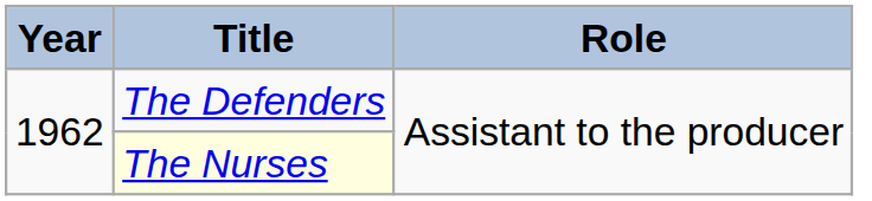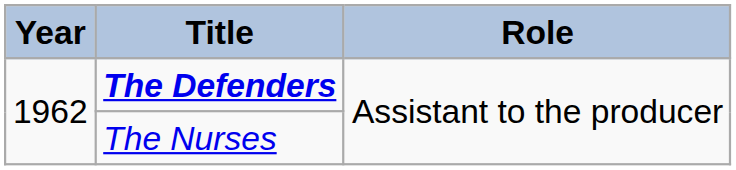 <table class="wikitable" style="font-size:95%;">
 <tr>
 <th style="background:#B0C4DE;">Year</th>
 <th style="background:#B0C4DE;">Title</th>
 <th style="background:#B0C4DE;">Role</th>
 </tr>
 <tr>
 <td rowspan=2>1962</td>
-<td><em><a href='#'>The Defenders</a></em></td>
+<td><strong><em><a href='#'>The Defenders</a></em></strong></td>
 <td rowspan=2>Assistant to the producer</td>
 </tr>
 <tr>
-<td style="background: lightyellow;"><em><a href='#'>The Nurses</a></em></td>
+<td><em><a href='#'>The Nurses</a></em></td>
 </tr>
 </table>
